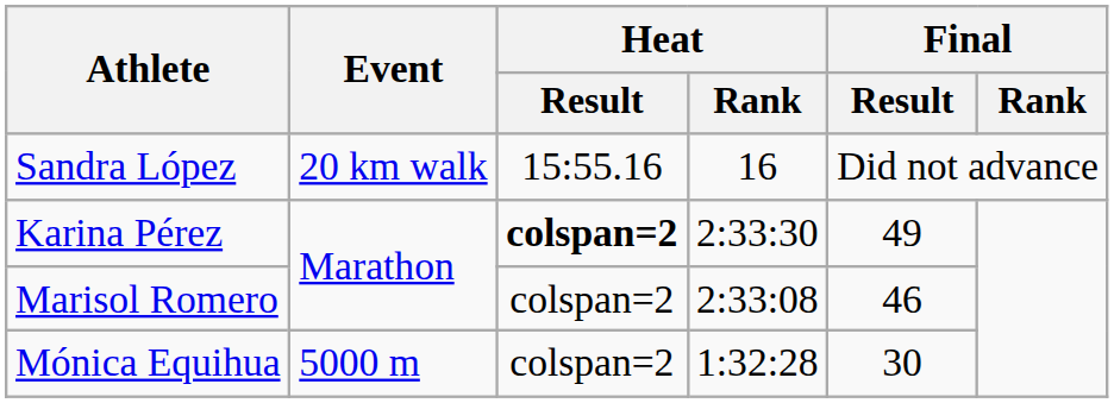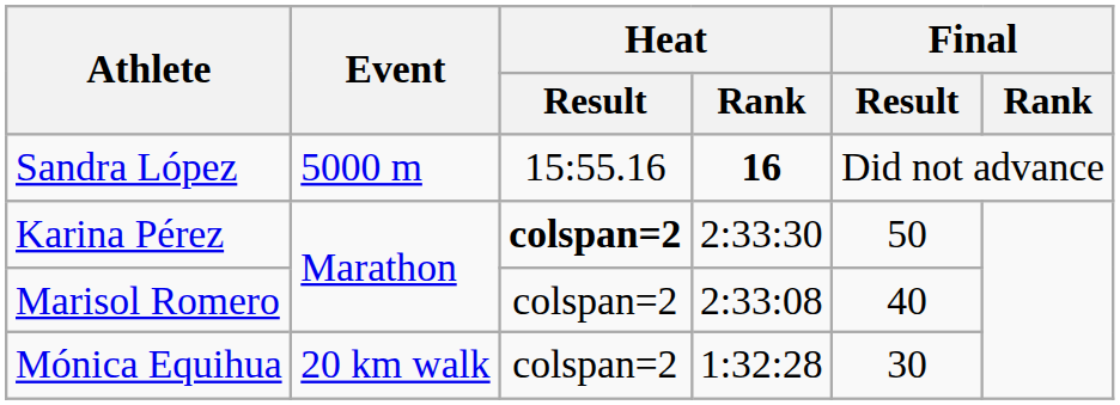 <table class="wikitable" style="font-size:90%">
 <tr>
 <th rowspan="2">Athlete</th>
 <th rowspan="2">Event</th>
 <th colspan="2">Heat</th>
 <th colspan="2">Final</th>
 </tr>
 <tr style="font-size:95%">
 <th>Result</th>
 <th>Rank</th>
 <th>Result</th>
 <th>Rank</th>
 </tr>
 <tr align=center>
 <td align=left><a href='#'>Sandra López</a></td>
-<td align=left><a href='#'>20 km walk</a></td>
+<td align=left><a href='#'>5000 m</a></td>
 <td>15:55.16</td>
-<td>16</td>
+<td><strong>16</strong></td>
 <td colspan=2>Did not advance</td>
 </tr>
 <tr align=center>
 <td align=left><a href='#'>Karina Pérez</a></td>
 <td align=left rowspan=2><a href='#'>Marathon</a></td>
 <td><strong>colspan=2 </strong></td>
 <td>2:33:30</td>
-<td>49</td>
+<td>50</td>
 </tr>
 <tr align=center>
 <td align=left><a href='#'>Marisol Romero</a></td>
 <td>colspan=2 </td>
 <td>2:33:08</td>
-<td>46</td>
+<td>40</td>
 </tr>
 <tr align=center>
 <td align=left><a href='#'>Mónica Equihua</a></td>
-<td align=left><a href='#'>5000 m</a></td>
+<td align=left><a href='#'>20 km walk</a></td>
 <td>colspan=2 </td>
 <td>1:32:28</td>
 <td>30</td>
 </tr>
 </table>
